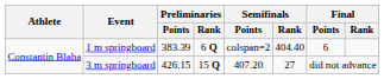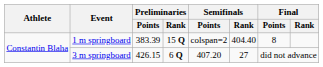 <table class=wikitable style="font-size:90%;">
 <tr>
 <th rowspan="2">Athlete</th>
 <th rowspan="2">Event</th>
 <th colspan="2">Preliminaries</th>
 <th colspan="2">Semifinals</th>
 <th colspan="2">Final</th>
 </tr>
 <tr style="font-size:95%">
 <th>Points</th>
 <th>Rank</th>
 <th>Points</th>
 <th>Rank</th>
 <th>Points</th>
 <th>Rank</th>
 </tr>
 <tr align=center>
 <td align=left rowspan=2><a href='#'>Constantin Blaha</a></td>
 <td align=left><a href='#'>1 m springboard</a></td>
 <td>383.39</td>
-<td>6 <strong>Q</strong></td>
+<td>15 <strong>Q</strong></td>
 <td>colspan=2 </td>
 <td>404.40</td>
-<td>6</td>
+<td>8</td>
 </tr>
 <tr align=center>
 <td align=left><a href='#'>3 m springboard</a></td>
 <td>426.15</td>
-<td>15 <strong>Q</strong></td>
+<td>6 <strong>Q</strong></td>
 <td>407.20</td>
 <td>27</td>
 <td colspan=2>did not advance</td>
 </tr>
 </table>
